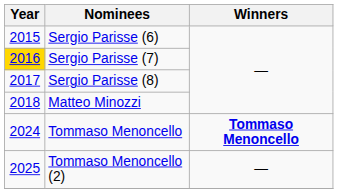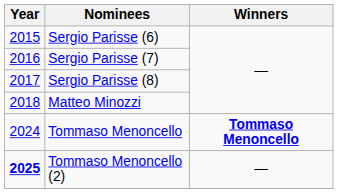 <table class="wikitable">
 <tr>
 <th width=40>Year</th>
 <th width=160>Nominees</th>
 <th width=160>Winners</th>
 </tr>
 <tr>
 <td align=center><a href='#'>2015</a></td>
 <td><a href='#'>Sergio Parisse</a> (6)</td>
 <td align=center rowspan=4>—</td>
 </tr>
 <tr>
-<td align=center style="background: gold;"><a href='#'>2016</a></td>
+<td align=center><a href='#'>2016</a></td>
 <td><a href='#'>Sergio Parisse</a> (7)</td>
 </tr>
 <tr>
 <td align=center><a href='#'>2017</a></td>
 <td><a href='#'>Sergio Parisse</a> (8)</td>
 </tr>
 <tr>
 <td align=center><a href='#'>2018</a></td>
 <td><a href='#'>Matteo Minozzi</a></td>
 </tr>
 <tr>
 <td align=center><a href='#'>2024</a></td>
 <td><a href='#'>Tommaso Menoncello</a></td>
 <td align=center><strong><a href='#'>Tommaso Menoncello</a></strong></td>
 </tr>
 <tr>
-<td align=center><a href='#'>2025</a></td>
+<td align=center><strong><a href='#'>2025</a></strong></td>
 <td><a href='#'>Tommaso Menoncello</a> (2)</td>
 <td align=center>—</td>
 </tr>
 <tr>
 </tr>
 </table>
